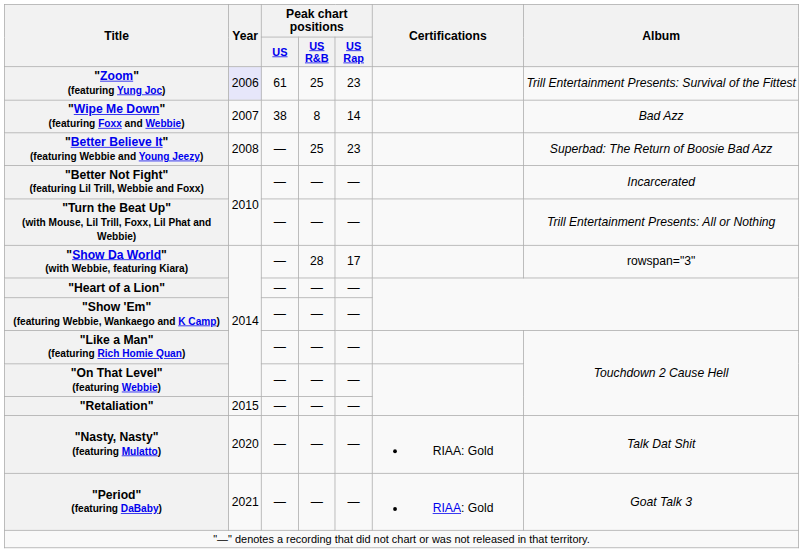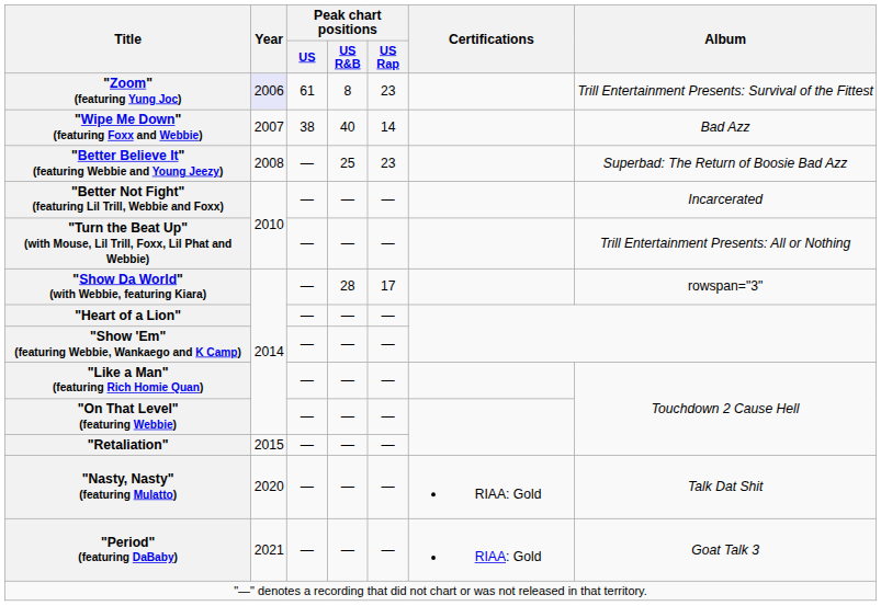 <table class="wikitable plainrowheaders" style="text-align:center;">
 <tr>
 <th rowspan="2" style="width:18em;">Title</th>
 <th rowspan="2">Year</th>
 <th colspan="3">Peak chart positions</th>
 <th scope="col" rowspan="2" style="width:12em;">Certifications</th>
 <th rowspan="2">Album</th>
 </tr>
 <tr>
 <th style="width:2.9em;font-size:90%;"><a href='#'>US</a><br></th>
 <th style="width:2.9em;font-size:90%;"><a href='#'>US<br>R&B</a><br></th>
 <th style="width:2.9em;font-size:90%;"><a href='#'>US<br>Rap</a><br></th>
 </tr>
 <tr>
 <th scope="row">"<a href='#'>Zoom</a>"<br><small>(featuring <a href='#'>Yung Joc</a>)</small></th>
 <td style="background: lavender;">2006</td>
 <td>61</td>
-<td>25</td>
+<td>8</td>
 <td>23</td>
 <td></td>
 <td><em>Trill Entertainment Presents: Survival of the Fittest</em></td>
 </tr>
 <tr>
 <th scope="row">"<a href='#'>Wipe Me Down</a>"<br><small>(featuring <a href='#'>Foxx</a> and <a href='#'>Webbie</a>)</small></th>
 <td>2007</td>
 <td>38</td>
-<td>8</td>
+<td>40</td>
 <td>14</td>
 <td></td>
 <td><em>Bad Azz</em></td>
 </tr>
 <tr>
 <th scope="row">"<a href='#'>Better Believe It</a>"<br><small>(featuring Webbie and <a href='#'>Young Jeezy</a>)</small></th>
 <td>2008</td>
 <td>—</td>
 <td>25</td>
 <td>23</td>
 <td></td>
 <td><em>Superbad: The Return of Boosie Bad Azz</em></td>
 </tr>
 <tr>
 <th scope="row">"Better Not Fight"<br><small>(featuring Lil Trill, Webbie and Foxx)</small></th>
 <td rowspan="2">2010</td>
 <td>—</td>
 <td>—</td>
 <td>—</td>
 <td></td>
 <td><em>Incarcerated</em></td>
 </tr>
 <tr>
 <th scope="row">"Turn the Beat Up"<br><small>(with Mouse, Lil Trill, Foxx, Lil Phat and Webbie)</small></th>
 <td>—</td>
 <td>—</td>
 <td>—</td>
 <td></td>
 <td><em>Trill Entertainment Presents: All or Nothing</em></td>
 </tr>
 <tr>
 <th scope="row">"<a href='#'>Show Da World</a>"<br><small>(with Webbie, featuring Kiara)</small></th>
 <td rowspan="5">2014</td>
 <td>—</td>
 <td>28</td>
 <td>17</td>
 <td></td>
 <td>rowspan="3" </td>
 </tr>
 <tr>
 <th scope="row">"Heart of a Lion"</th>
 <td>—</td>
 <td>—</td>
 <td>—</td>
 </tr>
 <tr>
 <th scope="row">"Show 'Em"<br><small>(featuring Webbie, Wankaego and <a href='#'>K Camp</a>)</small></th>
 <td>—</td>
 <td>—</td>
 <td>—</td>
 </tr>
 <tr>
 <th scope="row">"Like a Man"<br><small>(featuring <a href='#'>Rich Homie Quan</a>)</small></th>
 <td>—</td>
 <td>—</td>
 <td>—</td>
 <td></td>
 <td rowspan="3"><em>Touchdown 2 Cause Hell</em></td>
 </tr>
 <tr>
 <th scope="row">"On That Level"<br><small>(featuring <a href='#'>Webbie</a>)</small></th>
 <td>—</td>
 <td>—</td>
 <td>—</td>
 </tr>
 <tr>
 <th scope="row">"Retaliation"</th>
 <td rowspan="1">2015</td>
 <td>—</td>
 <td>—</td>
 <td>—</td>
 </tr>
 <tr>
 <th scope="row">"Nasty, Nasty"<br><small>(featuring <a href='#'>Mulatto</a>)</small></th>
 <td>2020</td>
 <td>—</td>
 <td>—</td>
 <td>—</td>
 <td><br><ul><li>RIAA: Gold</li></ul></td>
 <td><em>Talk Dat Shit</em></td>
 </tr>
 <tr>
 <th scope="row">"Period"<br><small>(featuring <a href='#'>DaBaby</a>)</small></th>
 <td>2021</td>
 <td>—</td>
 <td>—</td>
 <td>—</td>
 <td><br><ul><li><a href='#'>RIAA</a>: Gold</li></ul></td>
 <td><em>Goat Talk 3</em></td>
 </tr>
 <tr>
 <td colspan="15" style="font-size:90%">"—" denotes a recording that did not chart or was not released in that territory.</td>
 </tr>
 </table>
